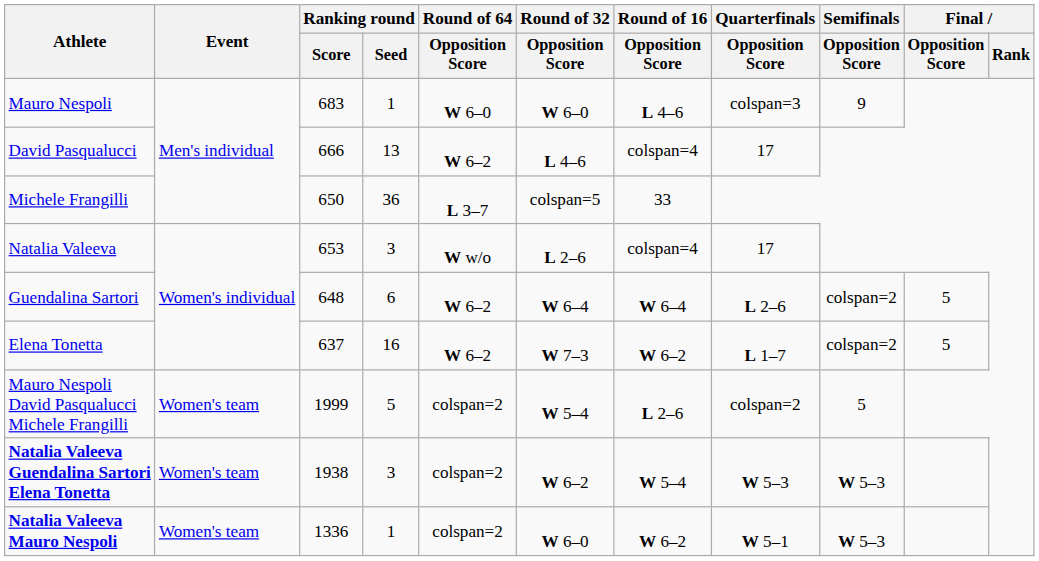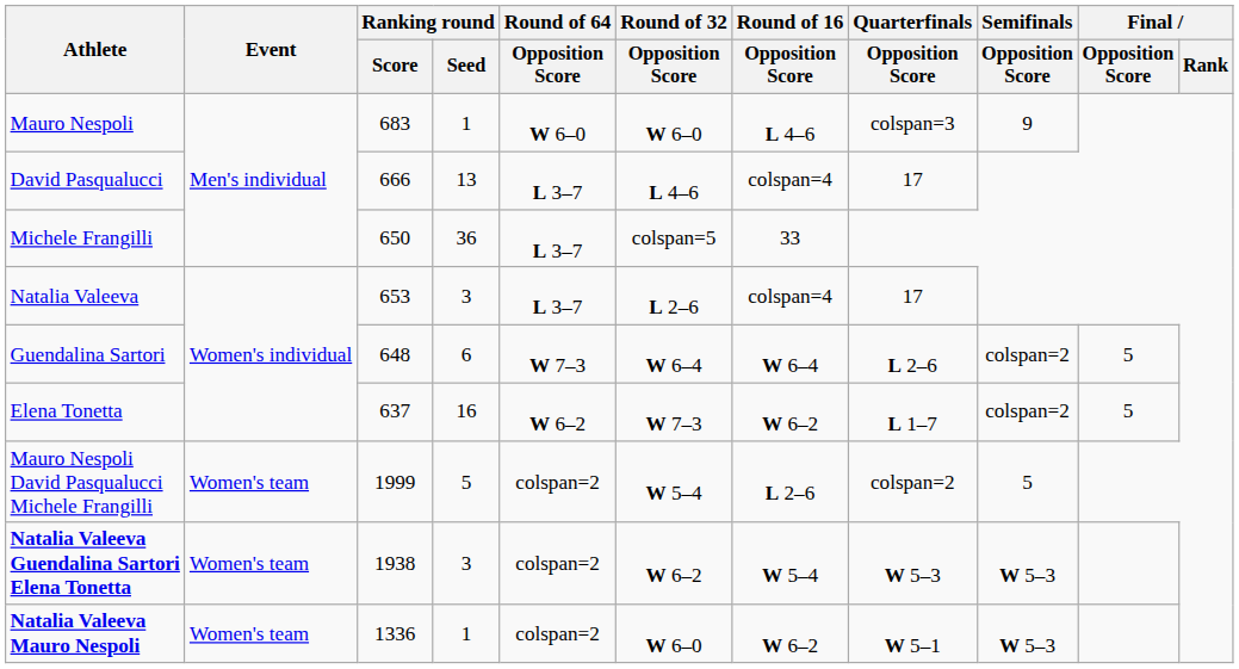 <table class="wikitable" style="font-size:90%">
 <tr>
 <th rowspan=2>Athlete</th>
 <th rowspan=2>Event</th>
 <th colspan=2>Ranking round</th>
 <th>Round of 64</th>
 <th>Round of 32</th>
 <th>Round of 16</th>
 <th>Quarterfinals</th>
 <th>Semifinals</th>
 <th colspan=2>Final / </th>
 </tr>
 <tr style="font-size:95%">
 <th>Score</th>
 <th>Seed</th>
 <th>Opposition<br>Score</th>
 <th>Opposition<br>Score</th>
 <th>Opposition<br>Score</th>
 <th>Opposition<br>Score</th>
 <th>Opposition<br>Score</th>
 <th>Opposition<br>Score</th>
 <th>Rank</th>
 </tr>
 <tr align=center>
 <td align=left><a href='#'>Mauro Nespoli</a></td>
 <td style="text-align:left;" rowspan="3"><a href='#'>Men's individual</a></td>
 <td>683</td>
 <td>1</td>
 <td><br> <strong>W</strong> 6–0</td>
 <td><br> <strong>W</strong> 6–0</td>
 <td><br> <strong>L</strong> 4–6</td>
 <td>colspan=3 </td>
 <td>9</td>
 </tr>
 <tr align=center>
 <td align=left><a href='#'>David Pasqualucci</a></td>
 <td>666</td>
 <td>13</td>
-<td><br> <strong>W</strong> 6–2</td>
+<td><br> <strong>L</strong> 3–7</td>
 <td><br> <strong>L</strong> 4–6</td>
 <td>colspan=4 </td>
 <td>17</td>
 </tr>
 <tr align=center>
 <td align=left><a href='#'>Michele Frangilli</a></td>
 <td>650</td>
 <td>36</td>
 <td><br> <strong>L</strong> 3–7</td>
 <td>colspan=5 </td>
 <td>33</td>
 </tr>
 <tr align=center>
 <td align=left><a href='#'>Natalia Valeeva</a></td>
 <td style="text-align:left;" rowspan="3"><a href='#'>Women's individual</a></td>
 <td>653</td>
 <td>3</td>
-<td><br> <strong>W</strong> w/o</td>
+<td><br> <strong>L</strong> 3–7</td>
 <td><br> <strong>L</strong> 2–6</td>
 <td>colspan=4 </td>
 <td>17</td>
 </tr>
 <tr align=center>
 <td align=left><a href='#'>Guendalina Sartori</a></td>
 <td>648</td>
 <td>6</td>
-<td><br> <strong>W</strong> 6–2</td>
+<td><br> <strong>W</strong> 7–3</td>
 <td><br> <strong>W</strong> 6–4</td>
 <td><br> <strong>W</strong> 6–4</td>
 <td><br> <strong>L</strong> 2–6</td>
 <td>colspan=2 </td>
 <td>5</td>
 </tr>
 <tr align=center>
 <td align=left><a href='#'>Elena Tonetta</a></td>
 <td>637</td>
 <td>16</td>
 <td><br><strong>W</strong> 6–2</td>
 <td><br> <strong>W</strong> 7–3</td>
 <td><br> <strong>W</strong> 6–2</td>
 <td><br> <strong>L</strong> 1–7</td>
 <td>colspan=2 </td>
 <td>5</td>
 </tr>
 <tr align=center>
 <td align=left><a href='#'>Mauro Nespoli</a><br><a href='#'>David Pasqualucci</a><br><a href='#'>Michele Frangilli</a></td>
 <td align=left><a href='#'>Women's team</a></td>
 <td>1999</td>
 <td>5</td>
 <td>colspan=2 </td>
 <td><br> <strong>W</strong> 5–4</td>
 <td><br> <strong>L</strong> 2–6</td>
 <td>colspan=2 </td>
 <td>5</td>
 </tr>
 <tr align=center>
 <td align=left><strong><a href='#'>Natalia Valeeva</a><br><a href='#'>Guendalina Sartori</a><br><a href='#'>Elena Tonetta</a></strong></td>
 <td align=left><a href='#'>Women's team</a></td>
 <td>1938</td>
 <td>3</td>
 <td>colspan=2 </td>
 <td><br> <strong>W</strong> 6–2</td>
 <td><br> <strong>W</strong> 5–4</td>
 <td><br> <strong>W</strong> 5–3</td>
 <td><br> <strong>W</strong> 5–3</td>
 <td></td>
 </tr>
 <tr align=center>
 <td align=left><strong><a href='#'>Natalia Valeeva</a><br><a href='#'>Mauro Nespoli</a></strong></td>
 <td align=left><a href='#'>Women's team</a></td>
 <td>1336</td>
 <td>1</td>
 <td>colspan=2 </td>
 <td><br> <strong>W</strong> 6–0</td>
 <td><br> <strong>W</strong> 6–2</td>
 <td><br> <strong>W</strong> 5–1</td>
 <td><br> <strong>W</strong> 5–3</td>
 <td></td>
 </tr>
 </table>
